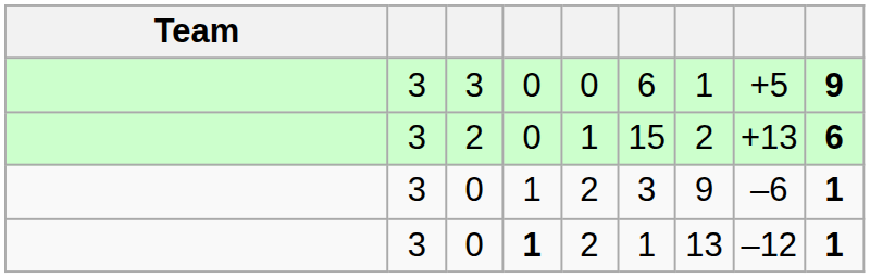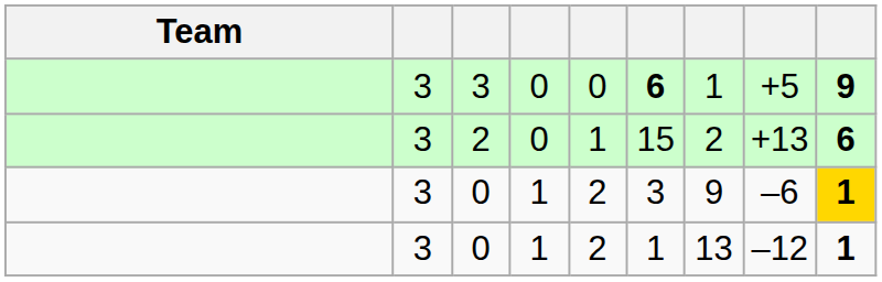 <table class="wikitable" style="text-align: center;">
 <tr>
 <th width="175">Team</th>
 <th width="20"></th>
 <th width="20"></th>
 <th width="20"></th>
 <th width="20"></th>
 <th width="20"></th>
 <th width="20"></th>
 <th width="20"></th>
 <th width="20"></th>
 </tr>
 <tr bgcolor=ccffcc>
 <td align=left></td>
 <td>3</td>
 <td>3</td>
 <td>0</td>
 <td>0</td>
-<td>6</td>
+<td><strong>6</strong></td>
 <td>1</td>
 <td>+5</td>
 <td><strong>9</strong></td>
 </tr>
 <tr bgcolor=ccffcc>
 <td align=left></td>
 <td>3</td>
 <td>2</td>
 <td>0</td>
 <td>1</td>
 <td>15</td>
 <td>2</td>
 <td>+13</td>
 <td><strong>6</strong></td>
 </tr>
 <tr>
 <td align=left></td>
 <td>3</td>
 <td>0</td>
 <td>1</td>
 <td>2</td>
 <td>3</td>
 <td>9</td>
 <td>–6</td>
-<td><strong>1</strong></td>
+<td style="background: gold;"><strong>1</strong></td>
 </tr>
 <tr>
 <td align=left></td>
 <td>3</td>
 <td>0</td>
-<td><strong>1</strong></td>
+<td>1</td>
 <td>2</td>
 <td>1</td>
 <td>13</td>
 <td>–12</td>
 <td><strong>1</strong></td>
 </tr>
 </table>
